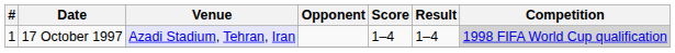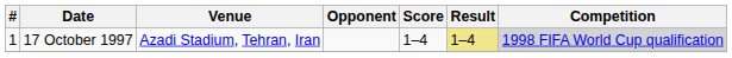 <table class="wikitable">
 <tr>
 <th>#</th>
 <th>Date</th>
 <th>Venue</th>
 <th>Opponent</th>
 <th>Score</th>
 <th>Result</th>
 <th>Competition</th>
 </tr>
 <tr>
 <td>1</td>
 <td>17 October 1997</td>
-<td style="background: lavender;"><a href='#'>Azadi Stadium</a>, <a href='#'>Tehran</a>, <a href='#'>Iran</a></td>
+<td><a href='#'>Azadi Stadium</a>, <a href='#'>Tehran</a>, <a href='#'>Iran</a></td>
 <td></td>
 <td>1–4</td>
-<td>1–4</td>
+<td style="background: khaki;">1–4</td>
 <td style="background: lightgrey;"><a href='#'>1998 FIFA World Cup qualification</a></td>
 </tr>
 <tr>
 </tr>
 </table>
